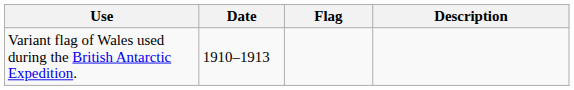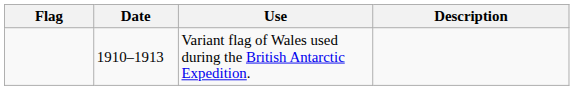 <table class="wikitable">
 <tr style="background:#efefef;">
+<th style="width:110px;">Flag</th>
+<th style="width:100px;">Date</th>
 <th style="width:250px;">Use</th>
-<th style="width:100px;">Date</th>
-<th style="width:110px;">Flag</th>
 <th style="width:250px;">Description</th>
 </tr>
 <tr>
+<td></td>
+<td>1910–1913</td>
 <td>Variant flag of Wales used during the <a href='#'>British Antarctic Expedition</a>.</td>
-<td>1910–1913</td>
-<td></td>
 <td></td>
 </tr>
 </table>
